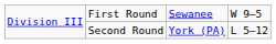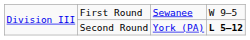 <table class="wikitable">
 <tr>
 <td rowspan="5"><a href='#'>Division III</a></td>
 <td>First Round</td>
 <td><a href='#'>Sewanee</a></td>
 <td>W 9–5</td>
 </tr>
 <tr>
 <td>Second Round</td>
 <td><a href='#'>York (PA)</a></td>
-<td>L 5–12</td>
+<td><strong>L 5–12</strong></td>
 </tr>
 </table>
